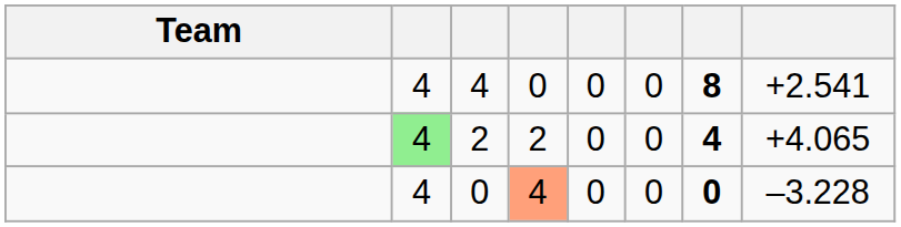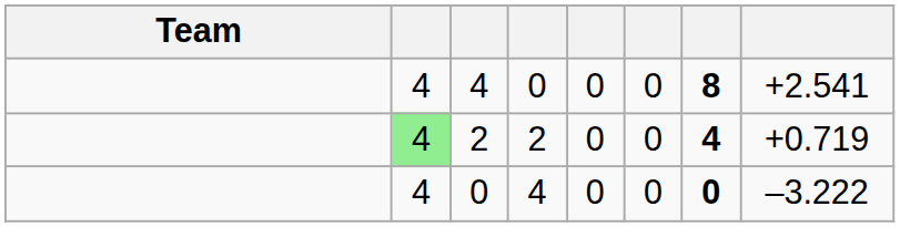 <table class="wikitable" style="text-align:center">
 <tr>
 <th style="width:175px;">Team</th>
 <th style="width:20px;"></th>
 <th style="width:20px;"></th>
 <th style="width:20px;"></th>
 <th style="width:20px;"></th>
 <th style="width:20px;"></th>
 <th style="width:20px;"></th>
 <th style="width:65px;"></th>
 </tr>
 <tr>
 <td style="text-align:left"></td>
 <td>4</td>
 <td>4</td>
 <td>0</td>
 <td>0</td>
 <td>0</td>
 <td><strong>8</strong></td>
 <td>+2.541</td>
 </tr>
 <tr>
 <td style="text-align:left"></td>
 <td style="background: lightgreen;">4</td>
 <td>2</td>
 <td>2</td>
 <td>0</td>
 <td>0</td>
 <td><strong>4</strong></td>
-<td>+4.065</td>
+<td>+0.719</td>
 </tr>
 <tr>
 <td style="text-align:left"></td>
 <td>4</td>
 <td>0</td>
-<td style="background: lightsalmon;">4</td>
+<td>4</td>
 <td>0</td>
 <td>0</td>
 <td><strong>0</strong></td>
-<td>–3.228</td>
+<td>–3.222</td>
 </tr>
 </table>
